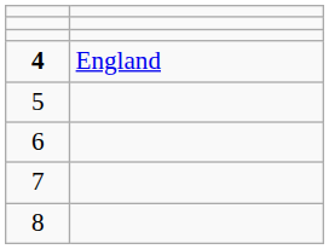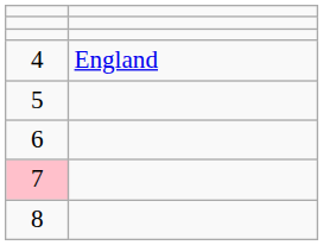 <table class="wikitable" style="width:200px;">
 <tr>
 <td align=center></td>
 <td></td>
 </tr>
 <tr>
 <td align=center></td>
 <td></td>
 </tr>
 <tr>
 <td align=center></td>
 <td></td>
 </tr>
 <tr>
-<td align=center><strong>4</strong></td>
+<td align=center>4</td>
 <td> <a href='#'>England</a></td>
 </tr>
 <tr>
 <td align=center>5</td>
 <td></td>
 </tr>
 <tr>
 <td align=center>6</td>
 <td></td>
 </tr>
 <tr>
-<td align=center>7</td>
+<td align=center style="background: pink;">7</td>
 <td></td>
 </tr>
 <tr>
 <td align=center>8</td>
 <td></td>
 </tr>
 </table>
